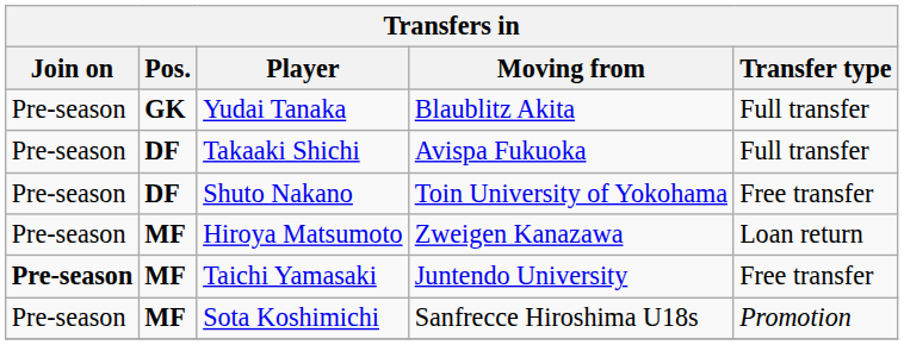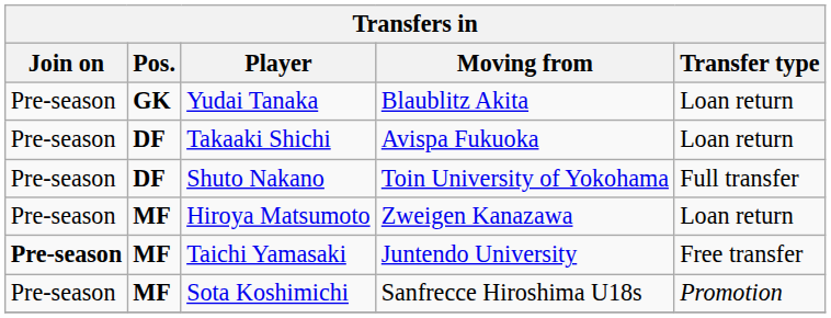 <table class="wikitable sortable" style=“text-align:left;>
 <tr>
 <th colspan="5">Transfers in</th>
 </tr>
 <tr>
 <th>Join on</th>
 <th>Pos.</th>
 <th>Player</th>
 <th>Moving from</th>
 <th>Transfer type</th>
 </tr>
 <tr>
 <td>Pre-season</td>
 <td><strong>GK</strong></td>
 <td> <a href='#'>Yudai Tanaka</a></td>
 <td> <a href='#'>Blaublitz Akita</a></td>
-<td>Full transfer</td>
+<td>Loan return</td>
 </tr>
 <tr>
 <td>Pre-season</td>
 <td><strong>DF</strong></td>
 <td> <a href='#'>Takaaki Shichi</a></td>
 <td> <a href='#'>Avispa Fukuoka</a></td>
-<td>Full transfer</td>
+<td>Loan return</td>
 </tr>
 <tr>
 <td>Pre-season</td>
 <td><strong>DF</strong></td>
 <td> <a href='#'>Shuto Nakano</a></td>
 <td> <a href='#'>Toin University of Yokohama</a></td>
-<td>Free transfer</td>
+<td>Full transfer</td>
 </tr>
 <tr>
 <td>Pre-season</td>
 <td><strong>MF</strong></td>
 <td> <a href='#'>Hiroya Matsumoto</a></td>
 <td> <a href='#'>Zweigen Kanazawa</a></td>
 <td>Loan return</td>
 </tr>
 <tr>
 <td><strong>Pre-season</strong></td>
 <td><strong>MF</strong></td>
 <td> <a href='#'>Taichi Yamasaki</a></td>
 <td> <a href='#'>Juntendo University</a></td>
 <td>Free transfer</td>
 </tr>
 <tr>
 <td>Pre-season</td>
 <td><strong>MF</strong></td>
 <td> <a href='#'>Sota Koshimichi</a></td>
 <td>Sanfrecce Hiroshima U18s</td>
 <td><em>Promotion</em></td>
 </tr>
 <tr>
 </tr>
 </table>
